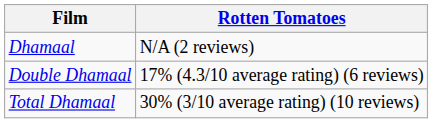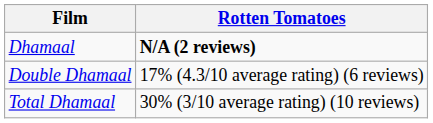 <table class="wikitable sortable">
 <tr>
 <th>Film</th>
 <th><a href='#'>Rotten Tomatoes</a></th>
 </tr>
 <tr>
 <td><em><a href='#'>Dhamaal</a></em></td>
-<td>N/A (2 reviews)</td>
+<td><strong>N/A (2 reviews)</strong></td>
 </tr>
 <tr>
 <td><a href='#'><em>Double Dhamaal</em></a></td>
 <td>17% (4.3/10 average rating) (6 reviews)</td>
 </tr>
 <tr>
 <td><em><a href='#'>Total Dhamaal</a></em></td>
 <td>30% (3/10 average rating) (10 reviews)</td>
 </tr>
 </table>
